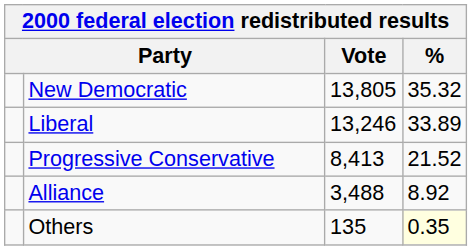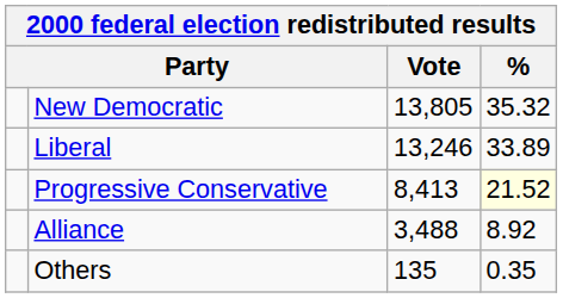 <table class="wikitable">
 <tr>
 <th colspan="4"><a href='#'>2000 federal election</a> redistributed results</th>
 </tr>
 <tr>
 <th bgcolor="#DDDDFF" width="230px" colspan="2">Party</th>
 <th bgcolor="#DDDDFF" width="50px">Vote</th>
 <th bgcolor="#DDDDFF" width="30px">%</th>
 </tr>
 <tr>
 <td> </td>
 <td><a href='#'>New Democratic</a></td>
 <td>13,805</td>
 <td>35.32</td>
 </tr>
 <tr>
 <td> </td>
 <td><a href='#'>Liberal</a></td>
 <td>13,246</td>
 <td>33.89</td>
 </tr>
 <tr>
 <td> </td>
 <td><a href='#'>Progressive Conservative</a></td>
 <td>8,413</td>
-<td>21.52</td>
+<td style="background: lightyellow;">21.52</td>
 </tr>
 <tr>
 <td> </td>
 <td><a href='#'>Alliance</a></td>
 <td>3,488</td>
 <td>8.92</td>
 </tr>
 <tr>
 <td> </td>
 <td>Others</td>
 <td>135</td>
-<td style="background: lightyellow;">0.35</td>
+<td>0.35</td>
 </tr>
 </table>
